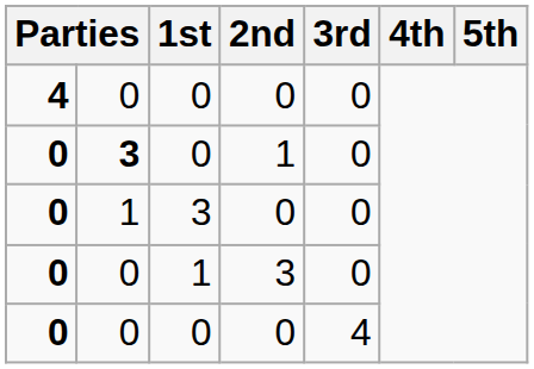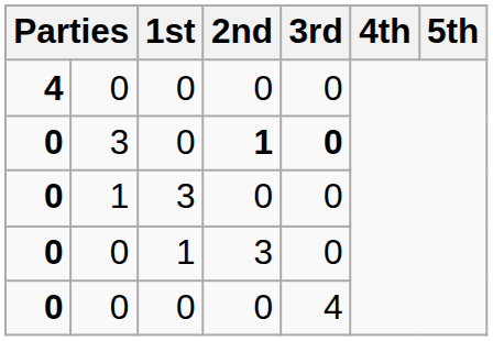 <table class="wikitable" style="text-align:right;">
 <tr>
 <th colspan=2 style="text-align:left;">Parties</th>
 <th>1st</th>
 <th>2nd</th>
 <th>3rd</th>
 <th>4th</th>
 <th>5th</th>
 </tr>
 <tr>
 <td><strong>4</strong></td>
 <td>0</td>
 <td>0</td>
 <td>0</td>
 <td>0</td>
 </tr>
 <tr>
 <td><strong>0</strong></td>
-<td><strong>3</strong></td>
+<td>3</td>
 <td>0</td>
-<td>1</td>
-<td>0</td>
+<td><strong>1</strong></td>
+<td><strong>0</strong></td>
 </tr>
 <tr>
 <td><strong>0</strong></td>
 <td>1</td>
 <td>3</td>
 <td>0</td>
 <td>0</td>
 </tr>
 <tr>
 <td><strong>0</strong></td>
 <td>0</td>
 <td>1</td>
 <td>3</td>
 <td>0</td>
 </tr>
 <tr>
 <td><strong>0</strong></td>
 <td>0</td>
 <td>0</td>
 <td>0</td>
 <td>4</td>
 </tr>
 </table>
